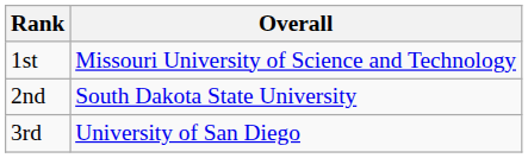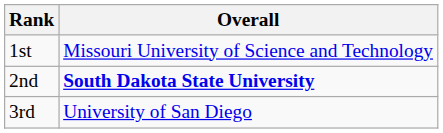 <table class="wikitable mw-collapsible">
 <tr>
 <th>Rank</th>
 <th>Overall</th>
 </tr>
 <tr>
 <td>1st</td>
 <td><a href='#'>Missouri University of Science and Technology</a></td>
 </tr>
 <tr>
 <td>2nd</td>
-<td><a href='#'>South Dakota State University</a></td>
+<td><strong><a href='#'>South Dakota State University</a></strong></td>
 </tr>
 <tr>
 <td>3rd</td>
 <td><a href='#'>University of San Diego</a></td>
 </tr>
 </table>
